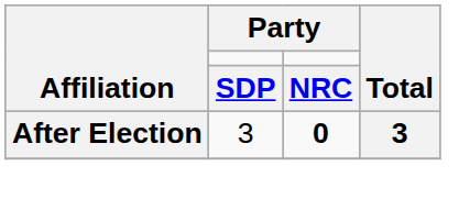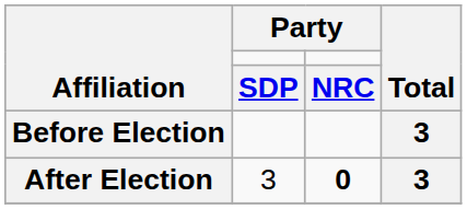 <table class=wikitable style="text-align:center">
 <tr style="vertical-align:bottom;">
 <th rowspan=3>Affiliation</th>
 <th colspan=2>Party</th>
 <th rowspan=3>Total</th>
 </tr>
 <tr>
 <td style="background-color:"></td>
 <td style="background-color:"></td>
 </tr>
 <tr>
 <th><a href='#'>SDP</a></th>
 <th><a href='#'>NRC</a></th>
 </tr>
 <tr>
+<th>Before Election</th>
+<td></td>
+<td></td>
+<th>3</th>
+</tr>
+<tr>
 <th>After Election</th>
 <td>3</td>
 <td><strong>0</strong></td>
 <th>3</th>
 </tr>
 <tr>
 </tr>
 </table>
